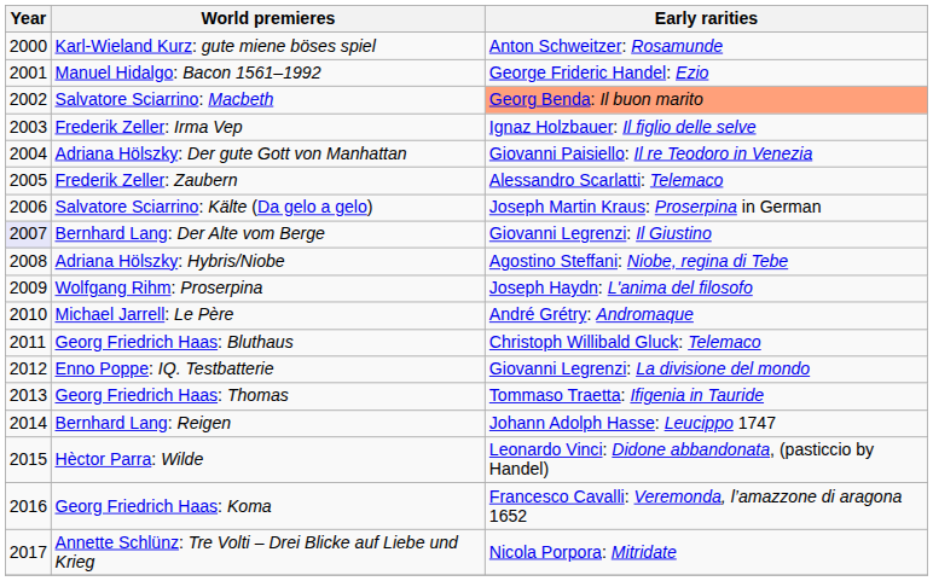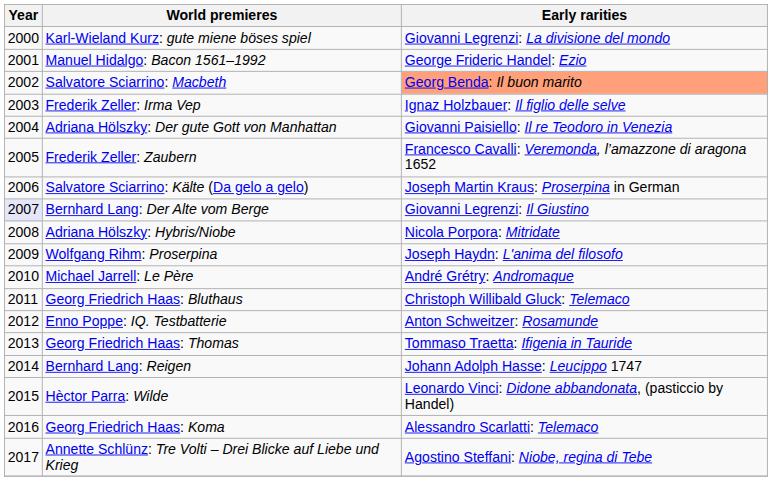 <table class="wikitable sortable">
 <tr>
 <th>Year</th>
 <th>World premieres</th>
 <th>Early rarities</th>
 </tr>
 <tr>
 <td>2000</td>
 <td><a href='#'>Karl-Wieland Kurz</a>: <em>gute miene böses spiel</em></td>
-<td><a href='#'>Anton Schweitzer</a>: <em><a href='#'>Rosamunde</a></em></td>
+<td><a href='#'>Giovanni Legrenzi</a>: <em><a href='#'>La divisione del mondo</a></em></td>
 </tr>
 <tr>
 <td>2001</td>
 <td><a href='#'>Manuel Hidalgo</a>: <em>Bacon 1561–1992</em></td>
 <td><a href='#'>George Frideric Handel</a>: <em><a href='#'>Ezio</a></em></td>
 </tr>
 <tr>
 <td>2002</td>
 <td><a href='#'>Salvatore Sciarrino</a>: <em><a href='#'>Macbeth</a></em></td>
 <td style="background: lightsalmon;"><a href='#'>Georg Benda</a>: <em>Il buon marito</em></td>
 </tr>
 <tr>
 <td>2003</td>
 <td><a href='#'>Frederik Zeller</a>: <em>Irma Vep</em></td>
 <td><a href='#'>Ignaz Holzbauer</a>: <em><a href='#'>Il figlio delle selve</a></em></td>
 </tr>
 <tr>
 <td>2004</td>
 <td><a href='#'>Adriana Hölszky</a>: <em>Der gute Gott von Manhattan</em></td>
 <td><a href='#'>Giovanni Paisiello</a>: <em><a href='#'>Il re Teodoro in Venezia</a></em></td>
 </tr>
 <tr>
 <td>2005</td>
 <td><a href='#'>Frederik Zeller</a>: <em>Zaubern</em></td>
-<td><a href='#'>Alessandro Scarlatti</a>: <em><a href='#'>Telemaco</a></em></td>
+<td><a href='#'>Francesco Cavalli</a>: <em><a href='#'>Veremonda</a>, l’amazzone di aragona</em> 1652</td>
 </tr>
 <tr>
 <td>2006</td>
 <td><a href='#'>Salvatore Sciarrino</a>: <em>Kälte</em> (<a href='#'>Da gelo a gelo</a>)</td>
 <td><a href='#'>Joseph Martin Kraus</a>: <em><a href='#'>Proserpina</a></em> in German</td>
 </tr>
 <tr>
 <td style="background: lavender;">2007</td>
 <td><a href='#'>Bernhard Lang</a>: <em>Der Alte vom Berge</em></td>
 <td><a href='#'>Giovanni Legrenzi</a>: <em><a href='#'>Il Giustino</a></em></td>
 </tr>
 <tr>
 <td>2008</td>
 <td><a href='#'>Adriana Hölszky</a>: <em>Hybris/Niobe</em></td>
-<td><a href='#'>Agostino Steffani</a>: <em><a href='#'>Niobe, regina di Tebe</a></em></td>
+<td><a href='#'>Nicola Porpora</a>: <em><a href='#'>Mitridate</a></em></td>
 </tr>
 <tr>
 <td>2009</td>
 <td><a href='#'>Wolfgang Rihm</a>: <em>Proserpina</em></td>
 <td><a href='#'>Joseph Haydn</a>: <em><a href='#'>L'anima del filosofo</a></em></td>
 </tr>
 <tr>
 <td>2010</td>
 <td><a href='#'>Michael Jarrell</a>: <em>Le Père</em></td>
 <td><a href='#'>André Grétry</a>: <em><a href='#'>Andromaque</a></em></td>
 </tr>
 <tr>
 <td>2011</td>
 <td><a href='#'>Georg Friedrich Haas</a>: <em>Bluthaus</em></td>
 <td><a href='#'>Christoph Willibald Gluck</a>: <em><a href='#'>Telemaco</a></em></td>
 </tr>
 <tr>
 <td>2012</td>
 <td><a href='#'>Enno Poppe</a>: <em>IQ. Testbatterie</em></td>
-<td><a href='#'>Giovanni Legrenzi</a>: <em><a href='#'>La divisione del mondo</a></em></td>
+<td><a href='#'>Anton Schweitzer</a>: <em><a href='#'>Rosamunde</a></em></td>
 </tr>
 <tr>
 <td>2013</td>
 <td><a href='#'>Georg Friedrich Haas</a>: <em>Thomas</em></td>
 <td><a href='#'>Tommaso Traetta</a>: <em><a href='#'>Ifigenia in Tauride</a></em></td>
 </tr>
 <tr>
 <td>2014</td>
 <td><a href='#'>Bernhard Lang</a>: <em>Reigen</em></td>
 <td><a href='#'>Johann Adolph Hasse</a>: <em><a href='#'>Leucippo</a></em> 1747</td>
 </tr>
 <tr>
 <td>2015</td>
 <td><a href='#'>Hèctor Parra</a>: <em>Wilde</em></td>
 <td><a href='#'>Leonardo Vinci</a>: <em><a href='#'>Didone abbandonata</a></em>, (pasticcio by Handel)</td>
 </tr>
 <tr>
 <td>2016</td>
 <td><a href='#'>Georg Friedrich Haas</a>: <em>Koma</em></td>
-<td><a href='#'>Francesco Cavalli</a>: <em><a href='#'>Veremonda</a>, l’amazzone di aragona</em> 1652</td>
+<td><a href='#'>Alessandro Scarlatti</a>: <em><a href='#'>Telemaco</a></em></td>
 </tr>
 <tr>
 <td>2017</td>
 <td><a href='#'>Annette Schlünz</a>: <em>Tre Volti – Drei Blicke auf Liebe und Krieg</em></td>
-<td><a href='#'>Nicola Porpora</a>: <em><a href='#'>Mitridate</a></em></td>
+<td><a href='#'>Agostino Steffani</a>: <em><a href='#'>Niobe, regina di Tebe</a></em></td>
 </tr>
 <tr>
 </tr>
 </table>
